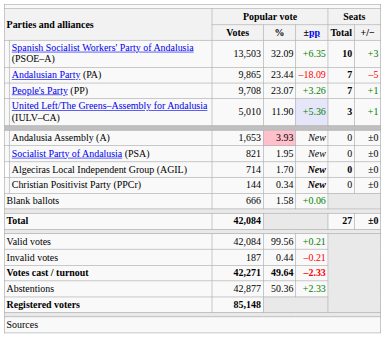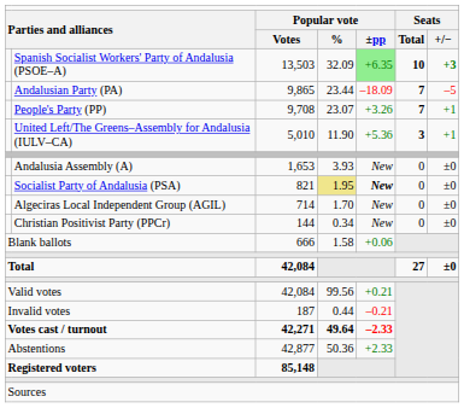 <table class="wikitable" style="text-align:right;">
 <tr>
 <td colspan="7"></td>
 </tr>
 <tr>
 <th style="text-align:left;" rowspan="2" colspan="2" width="525">Parties and alliances</th>
 <th colspan="3">Popular vote</th>
 <th colspan="2">Seats</th>
 </tr>
 <tr>
 <th width="75">Votes</th>
 <th width="45">%</th>
 <th width="45">±<a href='#'>pp</a></th>
 <th width="35">Total</th>
 <th width="35">+/−</th>
 </tr>
 <tr>
 <td width="1" style="color:inherit;background:"></td>
 <td align="left"><a href='#'>Spanish Socialist Workers' Party of Andalusia</a> (PSOE–A)</td>
 <td>13,503</td>
 <td>32.09</td>
-<td style="color:green;">+6.35</td>
+<td style="background: lightgreen; color:green;">+6.35</td>
 <td><strong>10</strong></td>
-<td style="color:green;">+3</td>
+<td style="color:green;"><strong>+3</strong></td>
 </tr>
 <tr>
 <td style="color:inherit;background:"></td>
 <td align="left"><a href='#'>Andalusian Party</a> (PA)</td>
 <td>9,865</td>
 <td>23.44</td>
 <td style="color:red;">–18.09</td>
 <td><strong>7</strong></td>
 <td style="color:red;">–5</td>
 </tr>
 <tr>
 <td style="color:inherit;background:"></td>
 <td align="left"><a href='#'>People's Party</a> (PP)</td>
 <td>9,708</td>
 <td>23.07</td>
 <td style="color:green;">+3.26</td>
 <td><strong>7</strong></td>
 <td style="color:green;">+1</td>
 </tr>
 <tr>
 <td style="color:inherit;background:"></td>
 <td align="left"><a href='#'>United Left/The Greens–Assembly for Andalusia</a> (IULV–CA)</td>
 <td>5,010</td>
 <td>11.90</td>
-<td style="background: lavender; color:green;">+5.36</td>
+<td style="color:green;">+5.36</td>
 <td><strong>3</strong></td>
 <td style="color:green;">+1</td>
 </tr>
 <tr>
 <td colspan="7" bgcolor="#C0C0C0"></td>
 </tr>
 <tr>
 <td style="color:inherit;background:"></td>
 <td align="left">Andalusia Assembly (A)</td>
 <td>1,653</td>
-<td style="background: pink;">3.93</td>
+<td>3.93</td>
 <td><em>New</em></td>
 <td>0</td>
 <td>±0</td>
 </tr>
 <tr>
 <td style="color:inherit;background:"></td>
 <td align="left"><a href='#'>Socialist Party of Andalusia</a> (PSA)</td>
 <td>821</td>
-<td>1.95</td>
-<td><em>New</em></td>
+<td style="background: khaki;">1.95</td>
+<td><strong><em>New</em></strong></td>
 <td>0</td>
 <td>±0</td>
 </tr>
 <tr>
 <td bgcolor="white"></td>
 <td align="left">Algeciras Local Independent Group (AGIL)</td>
 <td>714</td>
 <td>1.70</td>
-<td><strong><em>New</em></strong></td>
-<td><strong>0</strong></td>
+<td><em>New</em></td>
+<td>0</td>
 <td>±0</td>
 </tr>
 <tr>
 <td style="color:inherit;background:"></td>
 <td align="left">Christian Positivist Party (PPCr)</td>
 <td>144</td>
 <td>0.34</td>
-<td><strong><em>New</em></strong></td>
+<td><em>New</em></td>
 <td>0</td>
 <td>±0</td>
 </tr>
 <tr>
 <td align="left" colspan="2">Blank ballots</td>
 <td>666</td>
 <td>1.58</td>
 <td style="color:green;">+0.06</td>
 <td bgcolor="#E9E9E9" colspan="2"></td>
 </tr>
 <tr>
 <td colspan="7" bgcolor="#E9E9E9"></td>
 </tr>
 <tr style="font-weight:bold;">
 <td align="left" colspan="2">Total</td>
 <td>42,084</td>
 <td bgcolor="#E9E9E9" colspan="2"></td>
 <td>27</td>
 <td>±0</td>
 </tr>
 <tr>
 <td colspan="7" bgcolor="#E9E9E9"></td>
 </tr>
 <tr>
 <td align="left" colspan="2">Valid votes</td>
 <td>42,084</td>
 <td>99.56</td>
 <td style="color:green;">+0.21</td>
 <td bgcolor="#E9E9E9" colspan="2" rowspan="5"></td>
 </tr>
 <tr>
 <td align="left" colspan="2">Invalid votes</td>
 <td>187</td>
 <td>0.44</td>
 <td style="color:red;">–0.21</td>
 </tr>
 <tr style="font-weight:bold;">
 <td align="left" colspan="2">Votes cast / turnout</td>
 <td>42,271</td>
 <td>49.64</td>
 <td style="color:red;">–2.33</td>
 </tr>
 <tr>
 <td align="left" colspan="2">Abstentions</td>
 <td>42,877</td>
 <td>50.36</td>
 <td style="color:green;">+2.33</td>
 </tr>
 <tr style="font-weight:bold;">
 <td align="left" colspan="2">Registered voters</td>
 <td>85,148</td>
 <td bgcolor="#E9E9E9" colspan="2"></td>
 </tr>
 <tr>
 <td colspan="7" bgcolor="#E9E9E9"></td>
 </tr>
 <tr>
 <td align="left" colspan="7">Sources</td>
 </tr>
 </table>
